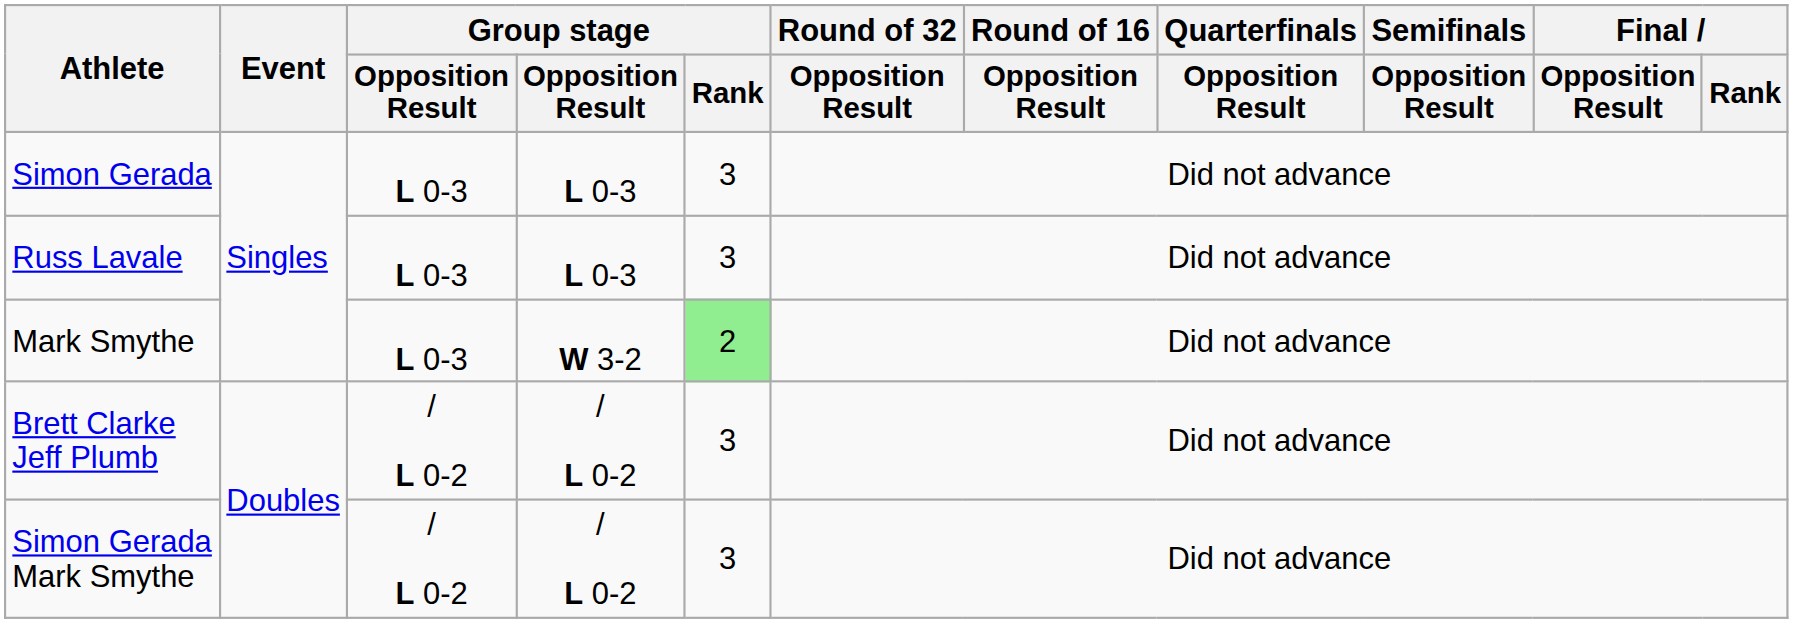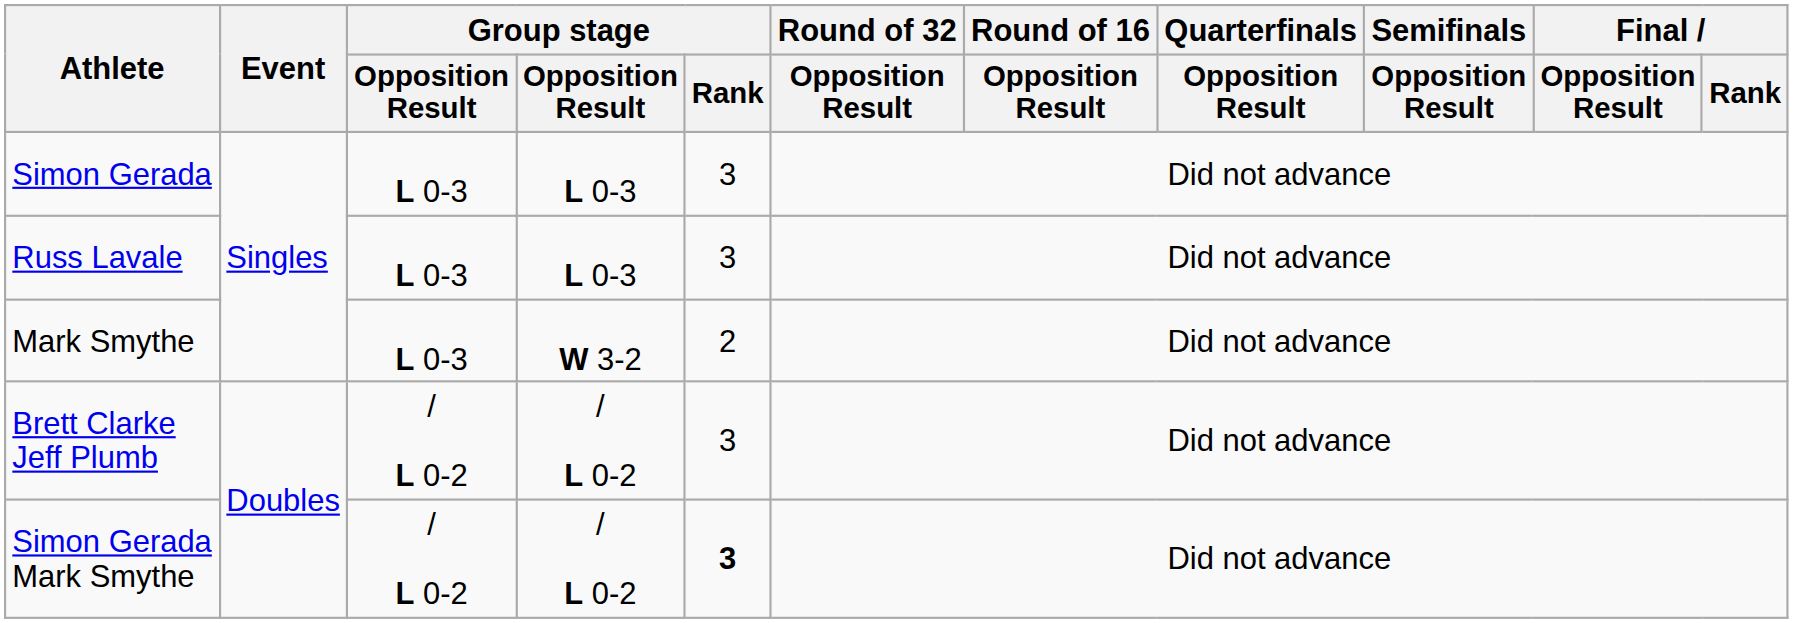 <table class="wikitable" style="font-size:90%">
 <tr>
 <th rowspan="2">Athlete</th>
 <th rowspan="2">Event</th>
 <th colspan="3">Group stage</th>
 <th>Round of 32</th>
 <th>Round of 16</th>
 <th>Quarterfinals</th>
 <th>Semifinals</th>
 <th colspan=2>Final / </th>
 </tr>
 <tr style="font-size:95%">
 <th>Opposition<br>Result</th>
 <th>Opposition<br>Result</th>
 <th>Rank</th>
 <th>Opposition<br>Result</th>
 <th>Opposition<br>Result</th>
 <th>Opposition<br>Result</th>
 <th>Opposition<br>Result</th>
 <th>Opposition<br>Result</th>
 <th>Rank</th>
 </tr>
 <tr>
 <td align=left><a href='#'>Simon Gerada</a></td>
 <td align=left rowspan=3><a href='#'>Singles</a></td>
 <td align=center><br><strong>L</strong> 0-3</td>
 <td align=center><br><strong>L</strong> 0-3</td>
 <td align=center>3</td>
 <td align=center colspan=6>Did not advance</td>
 </tr>
 <tr>
 <td align=left><a href='#'>Russ Lavale</a></td>
 <td align=center><br><strong>L</strong> 0-3</td>
 <td align=center><br><strong>L</strong> 0-3</td>
 <td align=center>3</td>
 <td align=center colspan=6>Did not advance</td>
 </tr>
 <tr>
 <td align=left>Mark Smythe</td>
 <td align=center><br><strong>L</strong> 0-3</td>
 <td align=center><br><strong>W</strong> 3-2</td>
-<td align=center style="background: lightgreen;">2</td>
+<td align=center>2</td>
 <td align=center colspan=6>Did not advance</td>
 </tr>
 <tr>
 <td align=left><a href='#'>Brett Clarke</a><br> <a href='#'>Jeff Plumb</a></td>
 <td align=left rowspan=2><a href='#'>Doubles</a></td>
 <td align=center> /<br> <br><strong>L</strong> 0-2</td>
 <td align=center> /<br> <br><strong>L</strong> 0-2</td>
 <td align=center>3</td>
 <td align=center colspan=6>Did not advance</td>
 </tr>
 <tr>
 <td align=left><a href='#'>Simon Gerada</a><br> Mark Smythe</td>
 <td align=center> /<br> <br><strong>L</strong> 0-2</td>
 <td align=center> /<br> <br><strong>L</strong> 0-2</td>
-<td align=center>3</td>
+<td align=center><strong>3</strong></td>
 <td align=center colspan=6>Did not advance</td>
 </tr>
 </table>
